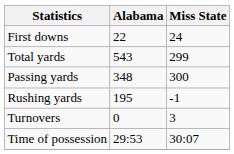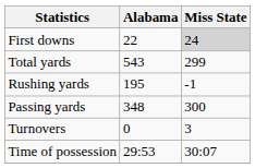 <table class="wikitable" style="float: left;">
 <tr>
 <th>Statistics</th>
 <th>Alabama</th>
 <th>Miss State</th>
 </tr>
 <tr>
 <td>First downs</td>
 <td>22</td>
-<td>24</td>
+<td style="background: lightgrey;">24</td>
 </tr>
 <tr>
 <td>Total yards</td>
 <td>543</td>
 <td>299</td>
 </tr>
 <tr>
+<td>Rushing yards</td>
+<td>195</td>
+<td>-1</td>
+</tr>
+<tr>
 <td>Passing yards</td>
 <td>348</td>
 <td>300</td>
-</tr>
-<tr>
-<td>Rushing yards</td>
-<td>195</td>
-<td>-1</td>
 </tr>
 <tr>
 <td>Turnovers</td>
 <td>0</td>
 <td>3</td>
 </tr>
 <tr>
 <td>Time of possession</td>
 <td>29:53</td>
 <td>30:07</td>
 </tr>
 <tr>
 </tr>
 </table>
